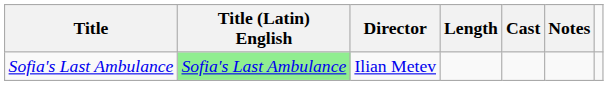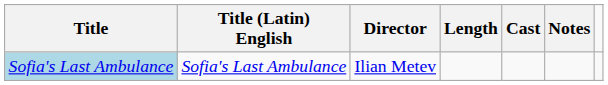 <table class="wikitable">
 <tr>
 <th>Title</th>
 <th>Title (Latin)<br>English</th>
 <th>Director</th>
 <th>Length</th>
 <th>Cast</th>
 <th>Notes</th>
 </tr>
 <tr>
+<td style="background: lightblue;"><a href='#'><em>Sofia's Last Ambulance</em></a></td>
 <td><a href='#'><em>Sofia's Last Ambulance</em></a></td>
-<td style="background: lightgreen;"><a href='#'><em>Sofia's Last Ambulance</em></a></td>
 <td><a href='#'>Ilian Metev</a></td>
 <td></td>
 <td></td>
 <td></td>
 <td></td>
 </tr>
 </table>
